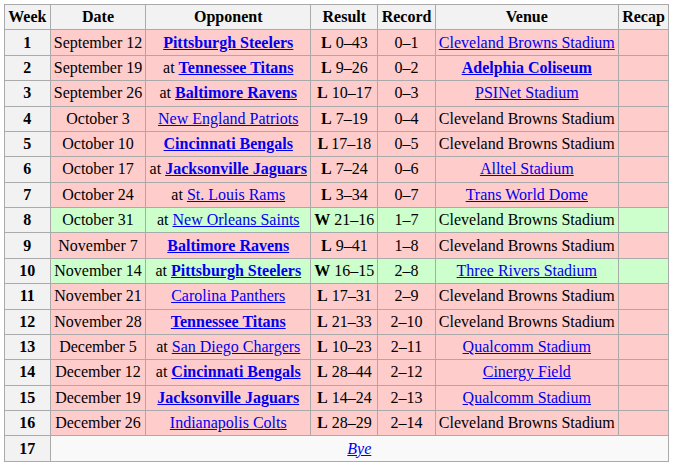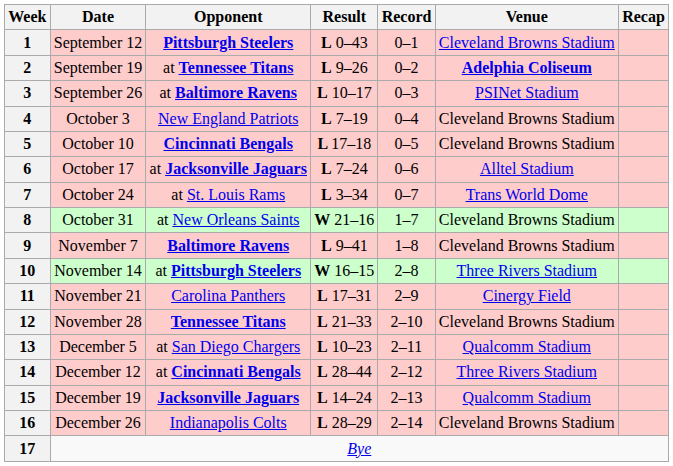 <table class="wikitable" style="text-align:center">
 <tr>
 <th>Week</th>
 <th>Date</th>
 <th>Opponent</th>
 <th>Result</th>
 <th>Record</th>
 <th>Venue</th>
 <th>Recap</th>
 </tr>
 <tr style="background:#fcc;">
 <th>1</th>
 <td>September 12</td>
 <td><strong><a href='#'>Pittsburgh Steelers</a></strong></td>
 <td><strong>L</strong> 0–43</td>
 <td>0–1</td>
 <td><a href='#'>Cleveland Browns Stadium</a></td>
 <td></td>
 </tr>
 <tr style="background:#fcc;">
 <th>2</th>
 <td>September 19</td>
 <td>at <strong><a href='#'>Tennessee Titans</a></strong></td>
 <td><strong>L</strong> 9–26</td>
 <td>0–2</td>
 <td><strong><a href='#'>Adelphia Coliseum</a></strong></td>
 <td></td>
 </tr>
 <tr style="background:#fcc;">
 <th>3</th>
 <td>September 26</td>
 <td>at <strong><a href='#'>Baltimore Ravens</a></strong></td>
 <td><strong>L</strong> 10–17</td>
 <td>0–3</td>
 <td><a href='#'>PSINet Stadium</a></td>
 <td></td>
 </tr>
 <tr style="background:#fcc;">
 <th>4</th>
 <td>October 3</td>
 <td><a href='#'>New England Patriots</a></td>
 <td><strong>L</strong> 7–19</td>
 <td>0–4</td>
 <td>Cleveland Browns Stadium</td>
 <td></td>
 </tr>
 <tr style="background:#fcc;">
 <th>5</th>
 <td>October 10</td>
 <td><strong><a href='#'>Cincinnati Bengals</a></strong></td>
 <td><strong>L </strong> 17–18</td>
 <td>0–5</td>
 <td>Cleveland Browns Stadium</td>
 <td></td>
 </tr>
 <tr style="background:#fcc;">
 <th>6</th>
 <td>October 17</td>
 <td>at <strong><a href='#'>Jacksonville Jaguars</a></strong></td>
 <td><strong>L</strong>  7–24</td>
 <td>0–6</td>
 <td><a href='#'>Alltel Stadium</a></td>
 <td></td>
 </tr>
 <tr style="background:#fcc;">
 <th>7</th>
 <td>October 24</td>
 <td>at <a href='#'>St. Louis Rams</a></td>
 <td><strong>L</strong> 3–34</td>
 <td>0–7</td>
 <td><a href='#'>Trans World Dome</a></td>
 <td></td>
 </tr>
 <tr style="background:#cfc;">
 <th>8</th>
 <td>October 31</td>
 <td>at <a href='#'>New Orleans Saints</a></td>
 <td><strong>W</strong> 21–16</td>
 <td>1–7</td>
 <td>Cleveland Browns Stadium</td>
 <td></td>
 </tr>
 <tr style="background:#fcc;">
 <th>9</th>
 <td>November 7</td>
 <td><strong><a href='#'>Baltimore Ravens</a></strong></td>
 <td><strong>L</strong> 9–41</td>
 <td>1–8</td>
 <td>Cleveland Browns Stadium</td>
 <td></td>
 </tr>
 <tr style="background:#cfc;">
 <th>10</th>
 <td>November 14</td>
 <td>at <strong><a href='#'>Pittsburgh Steelers</a></strong></td>
 <td><strong>W</strong> 16–15</td>
 <td>2–8</td>
 <td><a href='#'>Three Rivers Stadium</a></td>
 <td></td>
 </tr>
 <tr style="background:#fcc;">
 <th>11</th>
 <td>November 21</td>
 <td><a href='#'>Carolina Panthers</a></td>
 <td><strong>L</strong> 17–31</td>
 <td>2–9</td>
-<td>Cleveland Browns Stadium</td>
+<td><a href='#'>Cinergy Field</a></td>
 <td></td>
 </tr>
 <tr style="background:#fcc;">
 <th>12</th>
 <td>November 28</td>
 <td><strong><a href='#'>Tennessee Titans</a></strong></td>
 <td><strong>L</strong> 21–33</td>
 <td>2–10</td>
 <td>Cleveland Browns Stadium</td>
 <td></td>
 </tr>
 <tr style="background:#fcc;">
 <th>13</th>
 <td>December 5</td>
 <td>at <a href='#'>San Diego Chargers</a></td>
 <td><strong>L</strong> 10–23</td>
 <td>2–11</td>
 <td><a href='#'>Qualcomm Stadium</a></td>
 <td></td>
 </tr>
 <tr style="background:#fcc;">
 <th>14</th>
 <td>December 12</td>
 <td>at <strong><a href='#'>Cincinnati Bengals</a></strong></td>
 <td><strong>L</strong> 28–44</td>
 <td>2–12</td>
-<td><a href='#'>Cinergy Field</a></td>
+<td><a href='#'>Three Rivers Stadium</a></td>
 <td></td>
 </tr>
 <tr style="background:#fcc;">
 <th>15</th>
 <td>December 19</td>
 <td><strong><a href='#'>Jacksonville Jaguars</a></strong></td>
 <td><strong>L</strong> 14–24</td>
 <td>2–13</td>
 <td><a href='#'>Qualcomm Stadium</a></td>
 <td></td>
 </tr>
 <tr style="background:#fcc;">
 <th>16</th>
 <td>December 26</td>
 <td><a href='#'>Indianapolis Colts</a></td>
 <td><strong>L</strong> 28–29</td>
 <td>2–14</td>
 <td>Cleveland Browns Stadium</td>
 <td></td>
 </tr>
 <tr>
 <th>17</th>
 <td colspan="6" style="text-align:center;"><em><a href='#'>Bye</a></em></td>
 </tr>
 </table>
